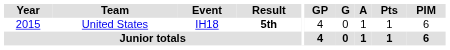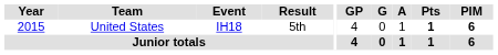 <table border="0" cellpadding="1" cellspacing="0" ID="Table3" style="text-align:center; width:40em">
 <tr bgcolor="#e0e0e0">
 <th>Year</th>
 <th>Team</th>
 <th>Event</th>
 <th>Result</th>
 <th rowspan="99" bgcolor="#ffffff"></th>
 <th>GP</th>
 <th>G</th>
 <th>A</th>
 <th>Pts</th>
 <th>PIM</th>
 </tr>
 <tr>
 <td><a href='#'>2015</a></td>
 <td><a href='#'>United States</a></td>
 <td><a href='#'>IH18</a></td>
-<td><strong>5th</strong></td>
+<td>5th</td>
 <td>4</td>
 <td>0</td>
 <td>1</td>
-<td>1</td>
-<td>6</td>
+<td><strong>1</strong></td>
+<td><strong>6</strong></td>
 </tr>
 <tr bgcolor="#e0e0e0">
 <th colspan="4">Junior totals</th>
 <th>4</th>
 <th>0</th>
 <th>1</th>
 <th>1</th>
 <th>6</th>
 </tr>
 </table>
